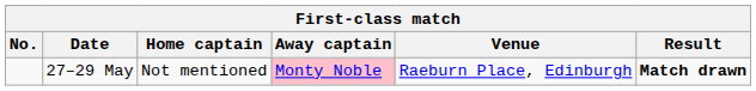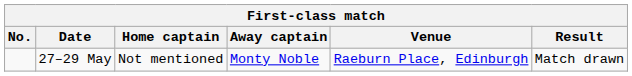 <table class="wikitable">
 <tr>
 <th colspan="9">First-class match</th>
 </tr>
 <tr>
 <th>No.</th>
 <th>Date</th>
 <th>Home captain</th>
 <th>Away captain</th>
 <th>Venue</th>
 <th>Result</th>
 </tr>
 <tr>
 <td></td>
 <td>27–29 May</td>
 <td>Not mentioned</td>
-<td style="background: pink;"><a href='#'>Monty Noble</a></td>
+<td><a href='#'>Monty Noble</a></td>
 <td><a href='#'>Raeburn Place</a>, <a href='#'>Edinburgh</a></td>
-<td><strong>Match drawn</strong></td>
+<td>Match drawn</td>
 </tr>
 </table>
